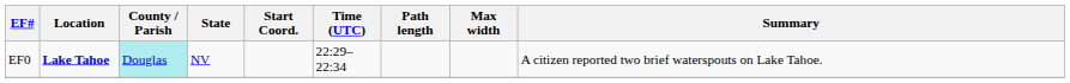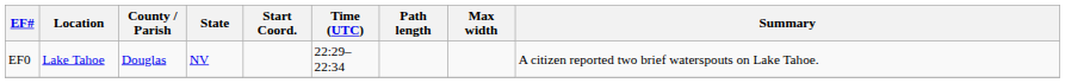 <table class="wikitable sortable" style="width:100%;">
 <tr>
 <th scope="col"  style="width:3%; text-align:center;"><a href='#'>EF#</a></th>
 <th scope="col"  style="width:7%; text-align:center;" class="unsortable">Location</th>
 <th scope="col"  style="width:6%; text-align:center;" class="unsortable">County / Parish</th>
 <th scope="col"  style="width:5%; text-align:center;">State</th>
 <th scope="col"  style="width:6%; text-align:center;">Start Coord.</th>
 <th scope="col"  style="width:6%; text-align:center;">Time (<a href='#'>UTC</a>)</th>
 <th scope="col"  style="width:6%; text-align:center;">Path length</th>
 <th scope="col"  style="width:6%; text-align:center;">Max width</th>
 <th scope="col" class="unsortable" style="width:48%; text-align:center;">Summary</th>
 </tr>
 <tr>
 <td>EF0</td>
-<td><strong><a href='#'>Lake Tahoe</a></strong></td>
-<td style="background: paleturquoise;"><a href='#'>Douglas</a></td>
+<td><a href='#'>Lake Tahoe</a></td>
+<td><a href='#'>Douglas</a></td>
 <td><a href='#'>NV</a></td>
 <td></td>
 <td>22:29–22:34</td>
 <td></td>
 <td></td>
 <td>A citizen reported two brief waterspouts on Lake Tahoe.</td>
 </tr>
 <tr>
 </tr>
 </table>
